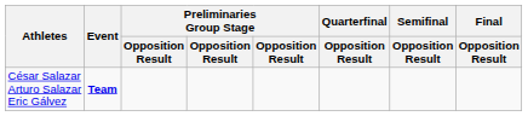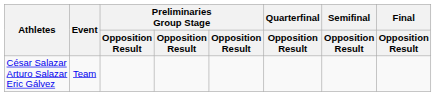 <table class="wikitable" border="1" style="font-size:90%">
 <tr>
 <th rowspan=2>Athletes</th>
 <th rowspan=2>Event</th>
 <th colspan=3>Preliminaries<br>Group Stage</th>
 <th>Quarterfinal</th>
 <th>Semifinal</th>
 <th>Final</th>
 </tr>
 <tr>
 <th>Opposition<br>Result</th>
 <th>Opposition<br>Result</th>
 <th>Opposition<br>Result</th>
 <th>Opposition<br>Result</th>
 <th>Opposition<br>Result</th>
 <th>Opposition<br>Result</th>
 </tr>
 <tr>
 <td><a href='#'>César Salazar</a><br><a href='#'>Arturo Salazar</a><br><a href='#'>Eric Gálvez</a></td>
-<td align=center><strong><a href='#'>Team</a></strong></td>
+<td align=center><a href='#'>Team</a></td>
 <td align=center></td>
 <td align=center></td>
 <td align=center></td>
 <td align=center></td>
 <td align=center></td>
 <td align=center></td>
 </tr>
 </table>
